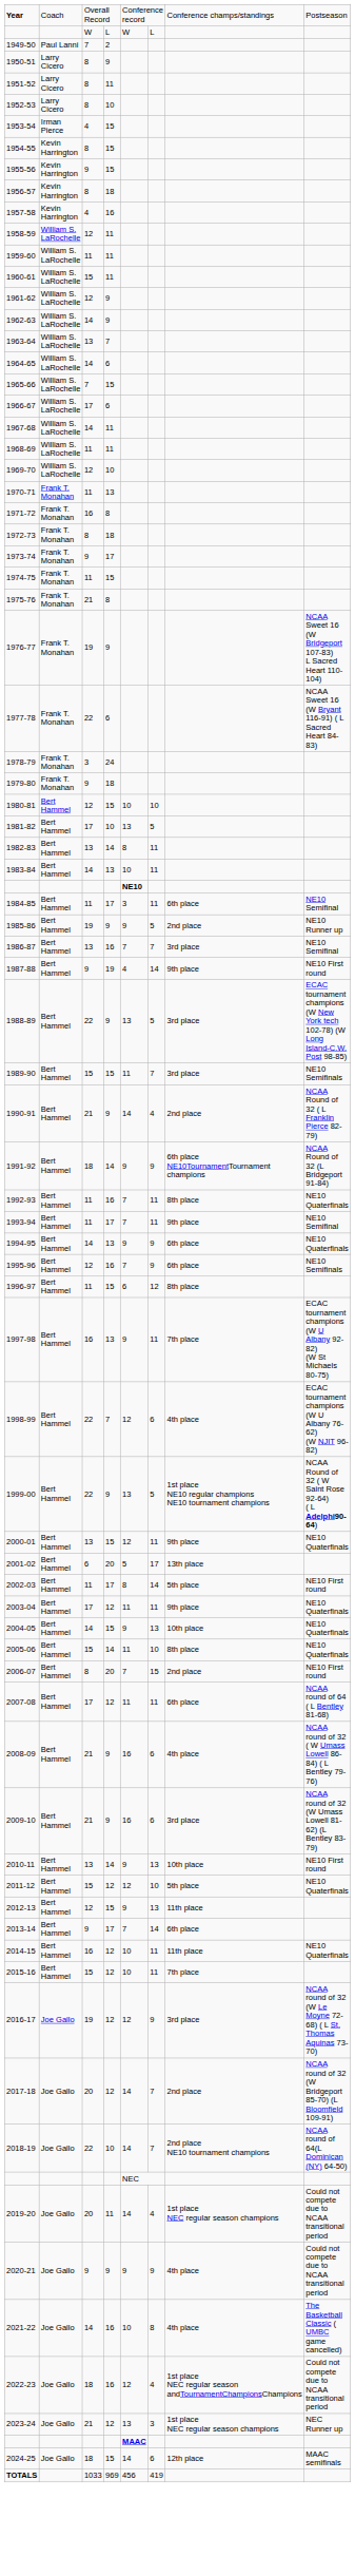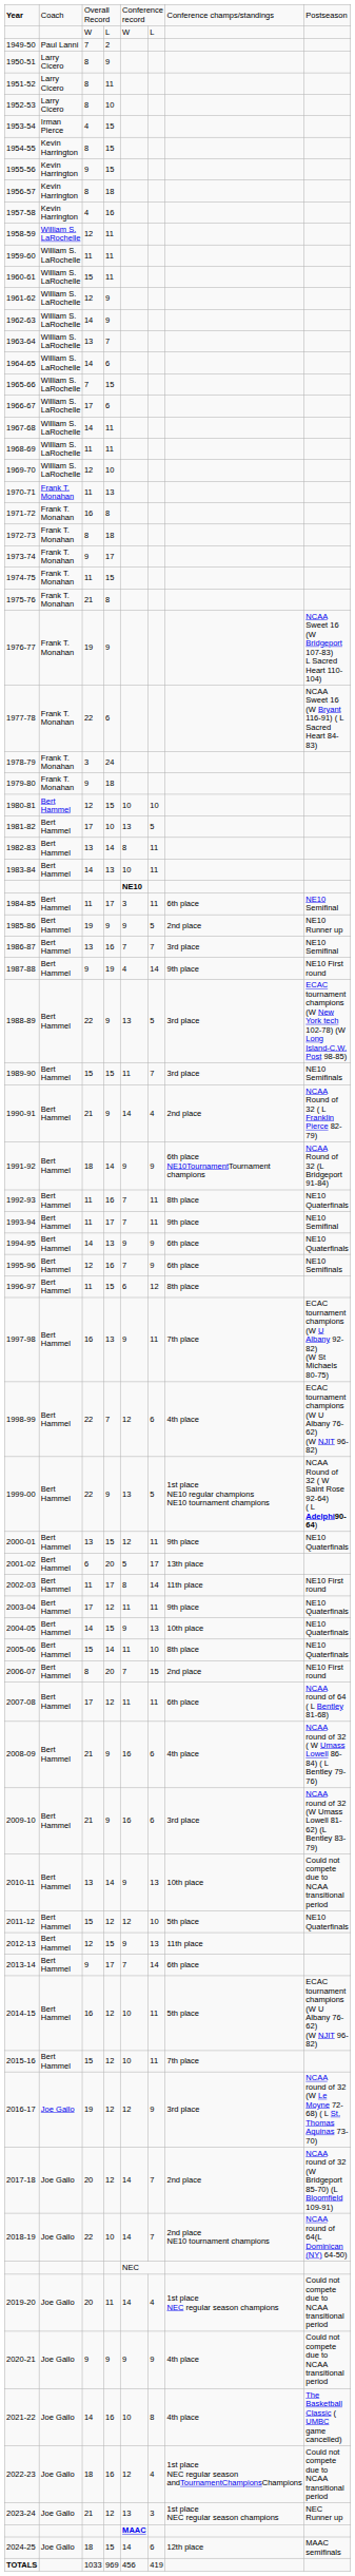 <table class="wikitable">
 <tr>
 <td><strong>Year</strong></td>
 <td>Coach</td>
 <td colspan="2">Overall Record</td>
 <td colspan="2">Conference record</td>
 <td>Conference champs/standings</td>
 <td>Postseason</td>
 </tr>
 <tr>
 <td></td>
 <td></td>
 <td>W</td>
 <td>L</td>
 <td>W</td>
 <td>L</td>
 <td></td>
 <td></td>
 </tr>
 <tr>
 <td>1949-50</td>
 <td>Paul Lanni</td>
 <td>7</td>
 <td>2</td>
 <td></td>
 <td></td>
 <td></td>
 <td></td>
 </tr>
 <tr>
 <td>1950-51</td>
 <td>Larry Cicero</td>
 <td>8</td>
 <td>9</td>
 <td></td>
 <td></td>
 <td></td>
 <td></td>
 </tr>
 <tr>
 <td>1951-52</td>
 <td>Larry Cicero</td>
 <td>8</td>
 <td>11</td>
 <td></td>
 <td></td>
 <td></td>
 <td></td>
 </tr>
 <tr>
 <td>1952-53</td>
 <td>Larry Cicero</td>
 <td>8</td>
 <td>10</td>
 <td></td>
 <td></td>
 <td></td>
 <td></td>
 </tr>
 <tr>
 <td>1953-54</td>
 <td>Irman Pierce</td>
 <td>4</td>
 <td>15</td>
 <td></td>
 <td></td>
 <td></td>
 <td></td>
 </tr>
 <tr>
 <td>1954-55</td>
 <td>Kevin Harrington</td>
 <td>8</td>
 <td>15</td>
 <td></td>
 <td></td>
 <td></td>
 <td></td>
 </tr>
 <tr>
 <td>1955-56</td>
 <td>Kevin Harrington</td>
 <td>9</td>
 <td>15</td>
 <td></td>
 <td></td>
 <td></td>
 <td></td>
 </tr>
 <tr>
 <td>1956-57</td>
 <td>Kevin Harrington</td>
 <td>8</td>
 <td>18</td>
 <td></td>
 <td></td>
 <td></td>
 <td></td>
 </tr>
 <tr>
 <td>1957-58</td>
 <td>Kevin Harrington</td>
 <td>4</td>
 <td>16</td>
 <td></td>
 <td></td>
 <td></td>
 <td></td>
 </tr>
 <tr>
 <td>1958-59</td>
 <td><a href='#'>William S. LaRochelle</a></td>
 <td>12</td>
 <td>11</td>
 <td></td>
 <td></td>
 <td></td>
 <td></td>
 </tr>
 <tr>
 <td>1959-60</td>
 <td>William S. LaRochelle</td>
 <td>11</td>
 <td>11</td>
 <td></td>
 <td></td>
 <td></td>
 <td></td>
 </tr>
 <tr>
 <td>1960-61</td>
 <td>William S. LaRochelle</td>
 <td>15</td>
 <td>11</td>
 <td></td>
 <td></td>
 <td></td>
 <td></td>
 </tr>
 <tr>
 <td>1961-62</td>
 <td>William S. LaRochelle</td>
 <td>12</td>
 <td>9</td>
 <td></td>
 <td></td>
 <td></td>
 <td></td>
 </tr>
 <tr>
 <td>1962-63</td>
 <td>William S. LaRochelle</td>
 <td>14</td>
 <td>9</td>
 <td></td>
 <td></td>
 <td></td>
 <td></td>
 </tr>
 <tr>
 <td>1963-64</td>
 <td>William S. LaRochelle</td>
 <td>13</td>
 <td>7</td>
 <td></td>
 <td></td>
 <td></td>
 <td></td>
 </tr>
 <tr>
 <td>1964-65</td>
 <td>William S. LaRochelle</td>
 <td>14</td>
 <td>6</td>
 <td></td>
 <td></td>
 <td></td>
 <td></td>
 </tr>
 <tr>
 <td>1965-66</td>
 <td>William S. LaRochelle</td>
 <td>7</td>
 <td>15</td>
 <td></td>
 <td></td>
 <td></td>
 <td></td>
 </tr>
 <tr>
 <td>1966-67</td>
 <td>William S. LaRochelle</td>
 <td>17</td>
 <td>6</td>
 <td></td>
 <td></td>
 <td></td>
 <td></td>
 </tr>
 <tr>
 <td>1967-68</td>
 <td>William S. LaRochelle</td>
 <td>14</td>
 <td>11</td>
 <td></td>
 <td></td>
 <td></td>
 <td></td>
 </tr>
 <tr>
 <td>1968-69</td>
 <td>William S. LaRochelle</td>
 <td>11</td>
 <td>11</td>
 <td></td>
 <td></td>
 <td></td>
 <td></td>
 </tr>
 <tr>
 <td>1969-70</td>
 <td>William S. LaRochelle</td>
 <td>12</td>
 <td>10</td>
 <td></td>
 <td></td>
 <td></td>
 <td></td>
 </tr>
 <tr>
 <td>1970-71</td>
 <td><a href='#'>Frank T. Monahan</a></td>
 <td>11</td>
 <td>13</td>
 <td></td>
 <td></td>
 <td></td>
 <td></td>
 </tr>
 <tr>
 <td>1971-72</td>
 <td>Frank T. Monahan</td>
 <td>16</td>
 <td>8</td>
 <td></td>
 <td></td>
 <td></td>
 <td></td>
 </tr>
 <tr>
 <td>1972-73</td>
 <td>Frank T. Monahan</td>
 <td>8</td>
 <td>18</td>
 <td></td>
 <td></td>
 <td></td>
 <td></td>
 </tr>
 <tr>
 <td>1973-74</td>
 <td>Frank T. Monahan</td>
 <td>9</td>
 <td>17</td>
 <td></td>
 <td></td>
 <td></td>
 <td></td>
 </tr>
 <tr>
 <td>1974-75</td>
 <td>Frank T. Monahan</td>
 <td>11</td>
 <td>15</td>
 <td></td>
 <td></td>
 <td></td>
 <td></td>
 </tr>
 <tr>
 <td>1975-76</td>
 <td>Frank T. Monahan</td>
 <td>21</td>
 <td>8</td>
 <td></td>
 <td></td>
 <td></td>
 <td></td>
 </tr>
 <tr>
 <td>1976-77</td>
 <td>Frank T. Monahan</td>
 <td>19</td>
 <td>9</td>
 <td></td>
 <td></td>
 <td></td>
 <td><a href='#'>NCAA</a> Sweet 16 (W <a href='#'>Bridgeport</a> 107-83)<br>L Sacred Heart 110-104)</td>
 </tr>
 <tr>
 <td>1977-78</td>
 <td>Frank T. Monahan</td>
 <td>22</td>
 <td>6</td>
 <td></td>
 <td></td>
 <td></td>
 <td>NCAA Sweet 16 (W <a href='#'>Bryant</a> 116-91) ( L Sacred Heart 84-83)</td>
 </tr>
 <tr>
 <td>1978-79</td>
 <td>Frank T. Monahan</td>
 <td>3</td>
 <td>24</td>
 <td></td>
 <td></td>
 <td></td>
 <td></td>
 </tr>
 <tr>
 <td>1979-80</td>
 <td>Frank T. Monahan</td>
 <td>9</td>
 <td>18</td>
 <td></td>
 <td></td>
 <td></td>
 <td></td>
 </tr>
 <tr>
 <td>1980-81</td>
 <td><a href='#'>Bert Hammel</a></td>
 <td>12</td>
 <td>15</td>
 <td>10</td>
 <td>10</td>
 <td></td>
 <td></td>
 </tr>
 <tr>
 <td>1981-82</td>
 <td>Bert Hammel</td>
 <td>17</td>
 <td>10</td>
 <td>13</td>
 <td>5</td>
 <td></td>
 <td></td>
 </tr>
 <tr>
 <td>1982-83</td>
 <td>Bert Hammel</td>
 <td>13</td>
 <td>14</td>
 <td>8</td>
 <td>11</td>
 <td></td>
 <td></td>
 </tr>
 <tr>
 <td>1983-84</td>
 <td>Bert Hammel</td>
 <td>14</td>
 <td>13</td>
 <td>10</td>
 <td>11</td>
 <td></td>
 <td></td>
 </tr>
 <tr>
 <td></td>
 <td></td>
 <td></td>
 <td></td>
 <td><strong>NE10</strong></td>
 <td></td>
 <td></td>
 <td></td>
 </tr>
 <tr>
 <td>1984-85</td>
 <td>Bert Hammel</td>
 <td>11</td>
 <td>17</td>
 <td>3</td>
 <td>11</td>
 <td>6th place</td>
 <td><a href='#'>NE10</a> Semifinal</td>
 </tr>
 <tr>
 <td>1985-86</td>
 <td>Bert Hammel</td>
 <td>19</td>
 <td>9</td>
 <td>9</td>
 <td>5</td>
 <td>2nd place</td>
 <td>NE10 Runner up</td>
 </tr>
 <tr>
 <td>1986-87</td>
 <td>Bert Hammel</td>
 <td>13</td>
 <td>16</td>
 <td>7</td>
 <td>7</td>
 <td>3rd place</td>
 <td>NE10 Semifinal</td>
 </tr>
 <tr>
 <td>1987-88</td>
 <td>Bert Hammel</td>
 <td>9</td>
 <td>19</td>
 <td>4</td>
 <td>14</td>
 <td>9th place</td>
 <td>NE10 First round</td>
 </tr>
 <tr>
 <td>1988-89</td>
 <td>Bert Hammel</td>
 <td>22</td>
 <td>9</td>
 <td>13</td>
 <td>5</td>
 <td>3rd place</td>
 <td><a href='#'>ECAC</a> tournament champions (W <a href='#'>New York tech</a> 102-78) (W <a href='#'>Long Island-C.W. Post</a> 98-85)</td>
 </tr>
 <tr>
 <td>1989-90</td>
 <td>Bert Hammel</td>
 <td>15</td>
 <td>15</td>
 <td>11</td>
 <td>7</td>
 <td>3rd place</td>
 <td>NE10 Semifinals</td>
 </tr>
 <tr>
 <td>1990-91</td>
 <td>Bert Hammel</td>
 <td>21</td>
 <td>9</td>
 <td>14</td>
 <td>4</td>
 <td>2nd place</td>
 <td><a href='#'>NCAA</a> Round of 32 ( L <a href='#'>Franklin Pierce</a> 82-79)</td>
 </tr>
 <tr>
 <td>1991-92</td>
 <td>Bert Hammel</td>
 <td>18</td>
 <td>14</td>
 <td>9</td>
 <td>9</td>
 <td>6th place<br><a href='#'>NE10Tournament</a>Tournament champions</td>
 <td><a href='#'>NCAA</a> Round of 32 (L Bridgeport 91-84)</td>
 </tr>
 <tr>
 <td>1992-93</td>
 <td>Bert Hammel</td>
 <td>11</td>
 <td>16</td>
 <td>7</td>
 <td>11</td>
 <td>8th place</td>
 <td>NE10 Quaterfinals</td>
 </tr>
 <tr>
 <td>1993-94</td>
 <td>Bert Hammel</td>
 <td>11</td>
 <td>17</td>
 <td>7</td>
 <td>11</td>
 <td>9th place</td>
 <td>NE10 Semifinal</td>
 </tr>
 <tr>
 <td>1994-95</td>
 <td>Bert Hammel</td>
 <td>14</td>
 <td>13</td>
 <td>9</td>
 <td>9</td>
 <td>6th place</td>
 <td>NE10 Quaterfinals</td>
 </tr>
 <tr>
 <td>1995-96</td>
 <td>Bert Hammel</td>
 <td>12</td>
 <td>16</td>
 <td>7</td>
 <td>9</td>
 <td>6th place</td>
 <td>NE10 Semifinals</td>
 </tr>
 <tr>
 <td>1996-97</td>
 <td>Bert Hammel</td>
 <td>11</td>
 <td>15</td>
 <td>6</td>
 <td>12</td>
 <td>8th place</td>
 <td></td>
 </tr>
 <tr>
 <td>1997-98</td>
 <td>Bert Hammel</td>
 <td>16</td>
 <td>13</td>
 <td>9</td>
 <td>11</td>
 <td>7th place</td>
 <td>ECAC tournament champions (W <a href='#'>U Albany</a> 92-82)<br>(W St Michaels 80-75)</td>
 </tr>
 <tr>
 <td>1998-99</td>
 <td>Bert Hammel</td>
 <td>22</td>
 <td>7</td>
 <td>12</td>
 <td>6</td>
 <td>4th place</td>
 <td>ECAC tournament champions (W U Albany 76-62)<br>(W <a href='#'>NJIT</a> 96-82)</td>
 </tr>
 <tr>
 <td>1999-00</td>
 <td>Bert Hammel</td>
 <td>22</td>
 <td>9</td>
 <td>13</td>
 <td>5</td>
 <td>1st place<br>NE10 regular champions<br>NE10 tournament champions</td>
 <td>NCAA Round of 32 ( W Saint Rose 92-64)<br>( L  <strong><a href='#'>Adelphi</a>90-64</strong>)</td>
 </tr>
 <tr>
 <td>2000-01</td>
 <td>Bert Hammel</td>
 <td>13</td>
 <td>15</td>
 <td>12</td>
 <td>11</td>
 <td>9th place</td>
 <td>NE10 Quaterfinals</td>
 </tr>
 <tr>
 <td>2001-02</td>
 <td>Bert Hammel</td>
 <td>6</td>
 <td>20</td>
 <td>5</td>
 <td>17</td>
 <td>13th place</td>
 <td></td>
 </tr>
 <tr>
 <td>2002-03</td>
 <td>Bert Hammel</td>
 <td>11</td>
 <td>17</td>
 <td>8</td>
 <td>14</td>
-<td>5th place</td>
+<td>11th place</td>
 <td>NE10 First round</td>
 </tr>
 <tr>
 <td>2003-04</td>
 <td>Bert Hammel</td>
 <td>17</td>
 <td>12</td>
 <td>11</td>
 <td>11</td>
 <td>9th place</td>
 <td>NE10 Quaterfinals</td>
 </tr>
 <tr>
 <td>2004-05</td>
 <td>Bert Hammel</td>
 <td>14</td>
 <td>15</td>
 <td>9</td>
 <td>13</td>
 <td>10th place</td>
 <td>NE10 Quaterfinals</td>
 </tr>
 <tr>
 <td>2005-06</td>
 <td>Bert Hammel</td>
 <td>15</td>
 <td>14</td>
 <td>11</td>
 <td>10</td>
 <td>8th place</td>
 <td>NE10 Quaterfinals</td>
 </tr>
 <tr>
 <td>2006-07</td>
 <td>Bert Hammel</td>
 <td>8</td>
 <td>20</td>
 <td>7</td>
 <td>15</td>
 <td>2nd place</td>
 <td>NE10 First round</td>
 </tr>
 <tr>
 <td>2007-08</td>
 <td>Bert Hammel</td>
 <td>17</td>
 <td>12</td>
 <td>11</td>
 <td>11</td>
 <td>6th place</td>
 <td><a href='#'>NCAA</a> round of 64 ( L <a href='#'>Bentley</a> 81-68)</td>
 </tr>
 <tr>
 <td>2008-09</td>
 <td>Bert Hammel</td>
 <td>21</td>
 <td>9</td>
 <td>16</td>
 <td>6</td>
 <td>4th place</td>
 <td><a href='#'>NCAA</a> round of 32 ( W <a href='#'>Umass Lowell</a> 86-84) ( L Bentley 79-76)</td>
 </tr>
 <tr>
 <td>2009-10</td>
 <td>Bert Hammel</td>
 <td>21</td>
 <td>9</td>
 <td>16</td>
 <td>6</td>
 <td>3rd place</td>
 <td><a href='#'>NCAA</a> round of 32 (W Umass Lowell 81-62) (L Bentley 83-79)</td>
 </tr>
 <tr>
 <td>2010-11</td>
 <td>Bert Hammel</td>
 <td>13</td>
 <td>14</td>
 <td>9</td>
 <td>13</td>
 <td>10th place</td>
-<td>NE10 First round</td>
+<td>Could not compete due to NCAA transitional period</td>
 </tr>
 <tr>
 <td>2011-12</td>
 <td>Bert Hammel</td>
 <td>15</td>
 <td>12</td>
 <td>12</td>
 <td>10</td>
 <td>5th place</td>
 <td>NE10 Quaterfinals</td>
 </tr>
 <tr>
 <td>2012-13</td>
 <td>Bert Hammel</td>
 <td>12</td>
 <td>15</td>
 <td>9</td>
 <td>13</td>
 <td>11th place</td>
 <td></td>
 </tr>
 <tr>
 <td>2013-14</td>
 <td>Bert Hammel</td>
 <td>9</td>
 <td>17</td>
 <td>7</td>
 <td>14</td>
 <td>6th place</td>
 <td></td>
 </tr>
 <tr>
 <td>2014-15</td>
 <td>Bert Hammel</td>
 <td>16</td>
 <td>12</td>
 <td>10</td>
 <td>11</td>
-<td>11th place</td>
-<td>NE10 Quaterfinals</td>
+<td>5th place</td>
+<td>ECAC tournament champions (W U Albany 76-62)<br>(W <a href='#'>NJIT</a> 96-82)</td>
 </tr>
 <tr>
 <td>2015-16</td>
 <td>Bert Hammel</td>
 <td>15</td>
 <td>12</td>
 <td>10</td>
 <td>11</td>
 <td>7th place</td>
 <td></td>
 </tr>
 <tr>
 <td>2016-17</td>
 <td><a href='#'>Joe Gallo</a></td>
 <td>19</td>
 <td>12</td>
 <td>12</td>
 <td>9</td>
 <td>3rd place</td>
 <td><a href='#'>NCAA</a> round of 32 (W <a href='#'>Le Moyne</a> 72-68) ( L  <a href='#'>St. Thomas Aquinas</a> 73-70)</td>
 </tr>
 <tr>
 <td>2017-18</td>
 <td>Joe Gallo</td>
 <td>20</td>
 <td>12</td>
 <td>14</td>
 <td>7</td>
 <td>2nd place</td>
 <td><a href='#'>NCAA</a> round of 32 (W Bridgeport 85-70) (L <a href='#'>Bloomfield</a> 109-91)</td>
 </tr>
 <tr>
 <td>2018-19</td>
 <td>Joe Gallo</td>
 <td>22</td>
 <td>10</td>
 <td>14</td>
 <td>7</td>
 <td>2nd place<br>NE10 tournament champions</td>
 <td><a href='#'>NCAA</a> round of 64(L  <a href='#'>Dominican (NY)</a> 64-50)</td>
 </tr>
 <tr>
 <td></td>
 <td></td>
 <td></td>
 <td></td>
 <td colspan="2">NEC</td>
 <td></td>
 <td></td>
 </tr>
 <tr>
 <td>2019-20</td>
 <td>Joe Gallo</td>
 <td>20</td>
 <td>11</td>
 <td>14</td>
 <td>4</td>
 <td>1st place<br><a href='#'>NEC</a> regular season champions</td>
 <td>Could not compete due to NCAA transitional period</td>
 </tr>
 <tr>
 <td>2020-21</td>
 <td>Joe Gallo</td>
 <td>9</td>
 <td>9</td>
 <td>9</td>
 <td>9</td>
 <td>4th place</td>
 <td>Could not compete due to NCAA transitional period</td>
 </tr>
 <tr>
 <td>2021-22</td>
 <td>Joe Gallo</td>
 <td>14</td>
 <td>16</td>
 <td>10</td>
 <td>8</td>
 <td>4th place</td>
 <td><a href='#'>The Basketball Classic</a> ( <a href='#'>UMBC</a> game cancelled)</td>
 </tr>
 <tr>
 <td>2022-23</td>
 <td>Joe Gallo</td>
 <td>18</td>
 <td>16</td>
 <td>12</td>
 <td>4</td>
 <td>1st place<br>NEC regular season and<a href='#'>TournamentChampions</a>Champions</td>
 <td>Could not compete due to NCAA transitional period</td>
 </tr>
 <tr>
 <td>2023-24</td>
 <td>Joe Gallo</td>
 <td>21</td>
 <td>12</td>
 <td>13</td>
 <td>3</td>
 <td>1st place<br>NEC regular season champions</td>
 <td>NEC Runner up</td>
 </tr>
 <tr>
 <td></td>
 <td></td>
 <td></td>
 <td></td>
 <td><strong><a href='#'>MAAC</a></strong></td>
 <td></td>
 <td></td>
 <td></td>
 </tr>
 <tr>
 <td>2024-25</td>
 <td>Joe Gallo</td>
 <td>18</td>
 <td>15</td>
 <td>14</td>
 <td>6</td>
 <td>12th place</td>
 <td>MAAC semifinals</td>
 </tr>
 <tr>
 <td><strong>TOTALS</strong></td>
 <td></td>
 <td>1033</td>
 <td>969</td>
 <td>456</td>
 <td>419</td>
 <td></td>
 <td></td>
 </tr>
 </table>
